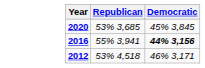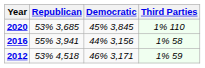 <table class="wikitable" style="float:right; font-size:95%;">
 <tr bgcolor=lightgrey>
 <th>Year</th>
 <th><a href='#'>Republican</a></th>
 <th><a href='#'>Democratic</a></th>
+<th><a href='#'>Third Parties</a></th>
 </tr>
 <tr>
 <td style="text-align:center; "><strong><a href='#'>2020</a></strong></td>
 <td style="text-align:center; "><em>53%</em> <em>3,685</em></td>
 <td style="text-align:center; "><em>45%</em> <em>3,845</em></td>
+<td style="text-align:center; background:honeyDew;"><em>1%</em> <em>110</em></td>
 </tr>
 <tr>
 <td style="text-align:center; "><strong><a href='#'>2016</a></strong></td>
 <td style="text-align:center; "><em>55%</em> <em>3,941</em></td>
-<td style="text-align:center; "><strong><em>44%</em> <em>3,156</em></strong></td>
+<td style="text-align:center; "><em>44%</em> <em>3,156</em></td>
+<td style="text-align:center; background:honeyDew;"><em>1%</em> <em>58</em></td>
 </tr>
 <tr>
 <td style="text-align:center; "><strong><a href='#'>2012</a></strong></td>
 <td style="text-align:center; "><em>53%</em> <em>4,518</em></td>
 <td style="text-align:center; "><em>46%</em> <em>3,171</em></td>
+<td style="text-align:center; background:honeyDew;"><em>1%</em> <em>59</em></td>
 </tr>
 </table>
